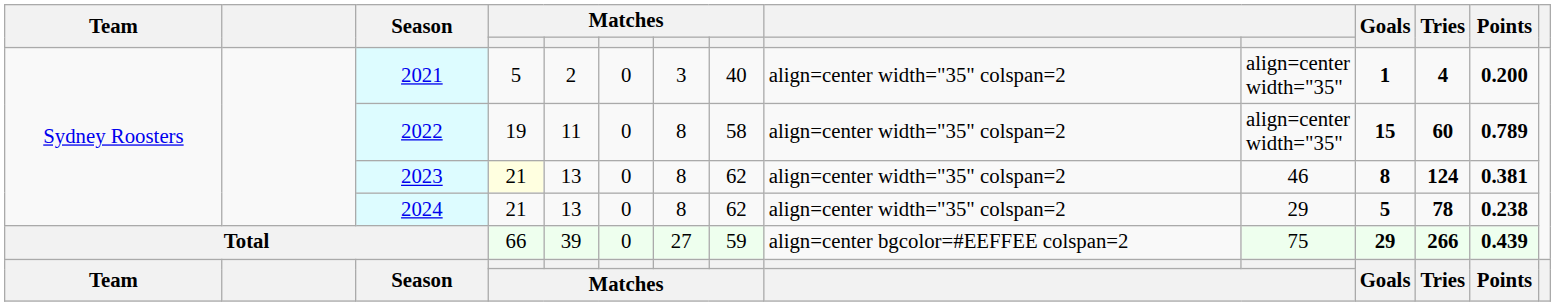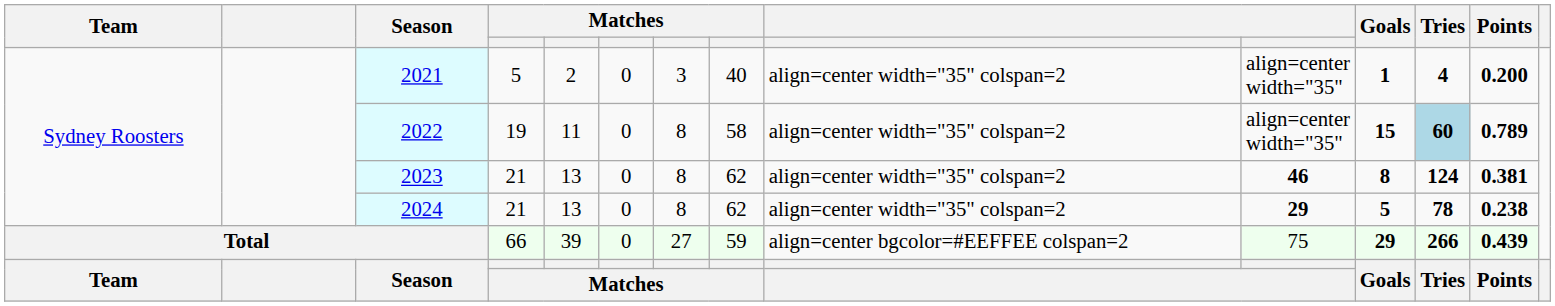 <table class="wikitable" style="width:60%;">
 <tr>
 <th rowspan=2 width="160">Team</th>
 <th rowspan=2 width="95"></th>
 <th rowspan=2 width="95">Season</th>
 <th colspan=5>Matches</th>
 <th colspan=2></th>
 <th rowspan=2>Goals</th>
 <th rowspan=2>Tries</th>
 <th rowspan=2>Points</th>
 <th rowspan=2></th>
 </tr>
 <tr>
 <th></th>
 <th></th>
 <th></th>
 <th></th>
 <th></th>
 <th></th>
 <th></th>
 </tr>
 <tr>
 <td align=center rowspan=4> <a href='#'>Sydney Roosters</a></td>
 <td align=center rowspan=4></td>
 <td align=center bgcolor=#DDFCFF><a href='#'>2021</a></td>
 <td align=center width="35">5</td>
 <td align=center width="35">2</td>
 <td align=center width="35">0</td>
 <td align=center width="35">3</td>
 <td align=center width="35">40</td>
 <td>align=center width="35" colspan=2 </td>
 <td>align=center width="35" </td>
 <td align=center width="35"><strong>1</strong></td>
 <td align=center width="35"><strong>4</strong></td>
 <td align=center width="45"><strong>0.200</strong></td>
 </tr>
 <tr>
 <td align=center bgcolor=#DDFCFF><a href='#'>2022</a></td>
 <td align=center width="35">19</td>
 <td align=center width="35">11</td>
 <td align=center width="35">0</td>
 <td align=center width="35">8</td>
 <td align=center width="35">58</td>
 <td>align=center width="35" colspan=2 </td>
 <td>align=center width="35" </td>
 <td align=center width="35"><strong>15</strong></td>
-<td align=center width="35"><strong>60</strong></td>
+<td align=center width="35" style="background: lightblue;"><strong>60</strong></td>
 <td align=center width="45"><strong>0.789</strong></td>
 </tr>
 <tr>
 <td align=center bgcolor=#DDFCFF><a href='#'>2023</a></td>
-<td align=center width="35" style="background: lightyellow;">21</td>
+<td align=center width="35">21</td>
 <td align=center width="35">13</td>
 <td align=center width="35">0</td>
 <td align=center width="35">8</td>
 <td align=center width="35">62</td>
 <td>align=center width="35" colspan=2 </td>
-<td align=center width="35">46</td>
+<td align=center width="35"><strong>46</strong></td>
 <td align=center width="35"><strong>8</strong></td>
 <td align=center width="35"><strong>124</strong></td>
 <td align=center width="45"><strong>0.381</strong></td>
 </tr>
 <tr>
 <td align=center bgcolor=#DDFCFF><a href='#'>2024</a></td>
 <td align=center width="35">21</td>
 <td align=center width="35">13</td>
 <td align=center width="35">0</td>
 <td align=center width="35">8</td>
 <td align=center width="35">62</td>
 <td>align=center width="35" colspan=2 </td>
-<td align=center width="35">29</td>
+<td align=center width="35"><strong>29</strong></td>
 <td align=center width="35"><strong>5</strong></td>
 <td align=center width="35"><strong>78</strong></td>
 <td align=center width="45"><strong>0.238</strong></td>
 </tr>
 <tr>
 <th colspan=3>Total</th>
 <td align=center bgcolor=#EEFFEE>66</td>
 <td align=center bgcolor=#EEFFEE>39</td>
 <td align=center bgcolor=#EEFFEE>0</td>
 <td align=center bgcolor=#EEFFEE>27</td>
 <td align=center bgcolor=#EEFFEE>59</td>
 <td>align=center bgcolor=#EEFFEE colspan=2 </td>
 <td align=center bgcolor=#EEFFEE>75</td>
 <td align=center bgcolor=#EEFFEE><strong>29</strong></td>
 <td align=center bgcolor=#EEFFEE><strong>266</strong></td>
 <td align=center bgcolor=#EEFFEE><strong>0.439</strong></td>
 </tr>
 <tr>
 <th rowspan=2 width="160">Team</th>
 <th rowspan=2 width="95"></th>
 <th rowspan=2 width="95">Season</th>
 <th></th>
 <th></th>
 <th></th>
 <th></th>
 <th></th>
 <th></th>
 <th></th>
 <th rowspan=2>Goals</th>
 <th rowspan=2>Tries</th>
 <th rowspan=2>Points</th>
 <th rowspan=2></th>
 </tr>
 <tr>
 <th colspan=5>Matches</th>
 <th colspan=2></th>
 </tr>
 </table>
